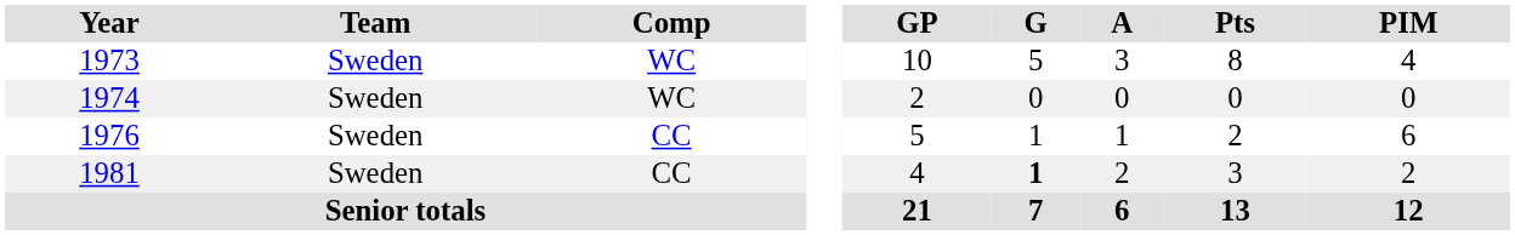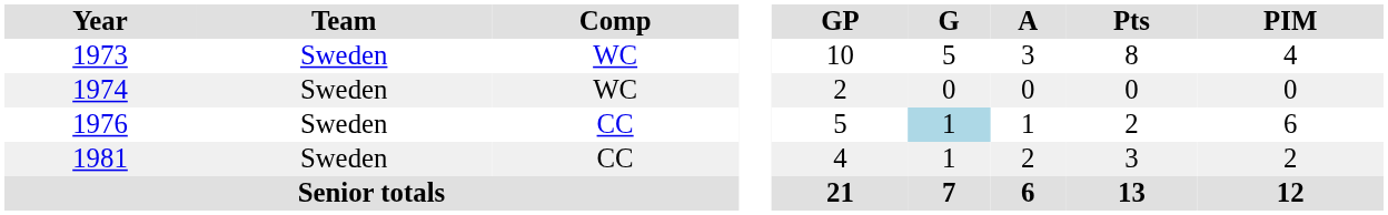 <table border="0" cellpadding="1" cellspacing="0" style="text-align:center; width:50em">
 <tr style="background:#e0e0e0;">
 <th>Year</th>
 <th>Team</th>
 <th>Comp</th>
 <th rowspan="99" style="background:#fff;"> </th>
 <th>GP</th>
 <th>G</th>
 <th>A</th>
 <th>Pts</th>
 <th>PIM</th>
 </tr>
 <tr>
 <td><a href='#'>1973</a></td>
 <td><a href='#'>Sweden</a></td>
 <td><a href='#'>WC</a></td>
 <td>10</td>
 <td>5</td>
 <td>3</td>
 <td>8</td>
 <td>4</td>
 </tr>
 <tr bgcolor="#f0f0f0">
 <td><a href='#'>1974</a></td>
 <td>Sweden</td>
 <td>WC</td>
 <td>2</td>
 <td>0</td>
 <td>0</td>
 <td>0</td>
 <td>0</td>
 </tr>
 <tr>
 <td><a href='#'>1976</a></td>
 <td>Sweden</td>
 <td><a href='#'>CC</a></td>
 <td>5</td>
-<td>1</td>
+<td style="background: lightblue;">1</td>
 <td>1</td>
 <td>2</td>
 <td>6</td>
 </tr>
 <tr bgcolor="#f0f0f0">
 <td><a href='#'>1981</a></td>
 <td>Sweden</td>
 <td>CC</td>
 <td>4</td>
-<td><strong>1</strong></td>
+<td>1</td>
 <td>2</td>
 <td>3</td>
 <td>2</td>
 </tr>
 <tr style="background:#e0e0e0;">
 <th colspan=3>Senior totals</th>
 <th>21</th>
 <th>7</th>
 <th>6</th>
 <th>13</th>
 <th>12</th>
 </tr>
 </table>
